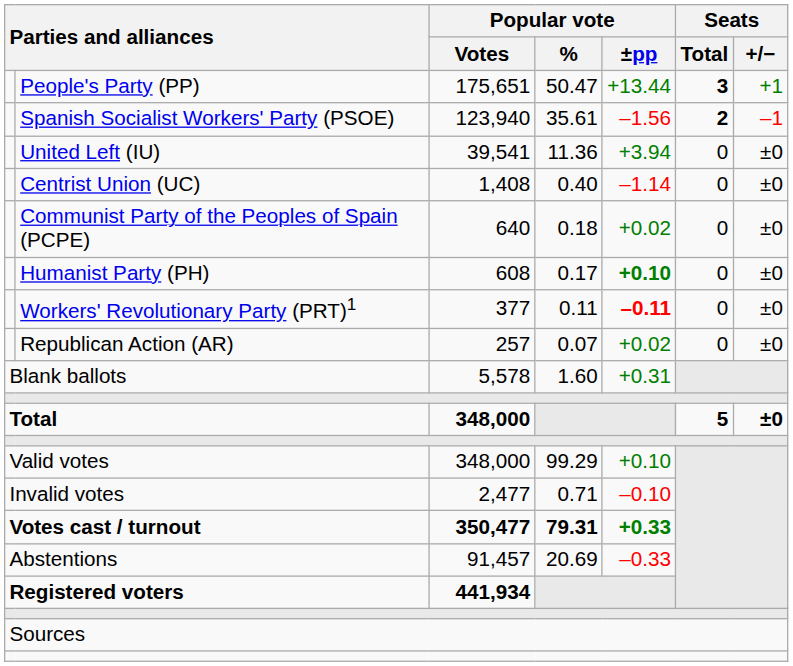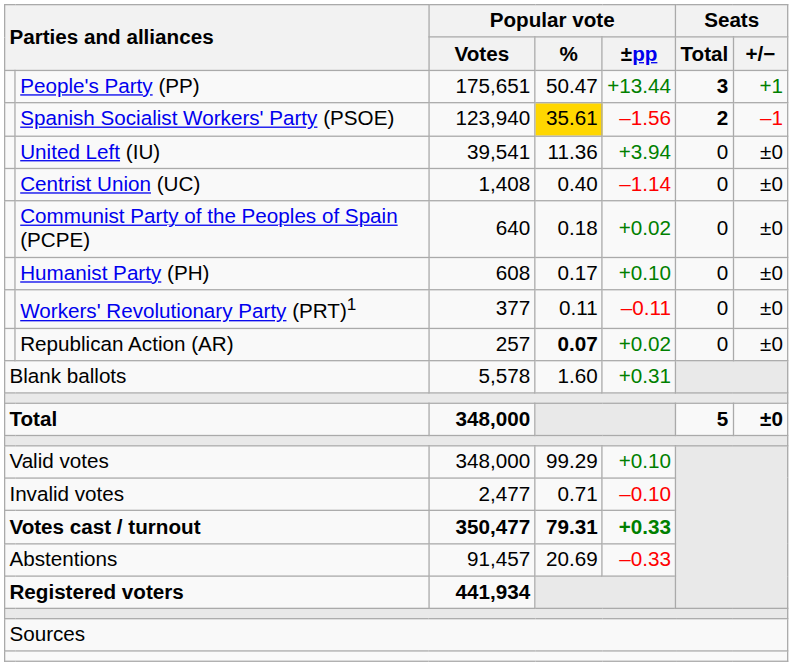 <table class="wikitable" style="text-align:right;">
 <tr>
 <th style="text-align:left;" rowspan="2" colspan="2" width="525">Parties and alliances</th>
 <th colspan="3">Popular vote</th>
 <th colspan="2">Seats</th>
 </tr>
 <tr>
 <th width="75">Votes</th>
 <th width="45">%</th>
 <th width="45">±<a href='#'>pp</a></th>
 <th width="35">Total</th>
 <th width="35">+/−</th>
 </tr>
 <tr>
 <td width="1" style="color:inherit;background:"></td>
 <td align="left"><a href='#'>People's Party</a> (PP)</td>
 <td>175,651</td>
 <td>50.47</td>
 <td style="color:green;">+13.44</td>
 <td><strong>3</strong></td>
 <td style="color:green;">+1</td>
 </tr>
 <tr>
 <td style="color:inherit;background:"></td>
 <td align="left"><a href='#'>Spanish Socialist Workers' Party</a> (PSOE)</td>
 <td>123,940</td>
-<td>35.61</td>
+<td style="background: gold;">35.61</td>
 <td style="color:red;">–1.56</td>
 <td><strong>2</strong></td>
 <td style="color:red;">–1</td>
 </tr>
 <tr>
 <td style="color:inherit;background:"></td>
 <td align="left"><a href='#'>United Left</a> (IU)</td>
 <td>39,541</td>
 <td>11.36</td>
 <td style="color:green;">+3.94</td>
 <td>0</td>
 <td>±0</td>
 </tr>
 <tr>
 <td style="color:inherit;background:"></td>
 <td align="left"><a href='#'>Centrist Union</a> (UC)</td>
 <td>1,408</td>
 <td>0.40</td>
 <td style="color:red;">–1.14</td>
 <td>0</td>
 <td>±0</td>
 </tr>
 <tr>
 <td style="color:inherit;background:"></td>
 <td align="left"><a href='#'>Communist Party of the Peoples of Spain</a> (PCPE)</td>
 <td>640</td>
 <td>0.18</td>
 <td style="color:green;">+0.02</td>
 <td>0</td>
 <td>±0</td>
 </tr>
 <tr>
 <td style="color:inherit;background:"></td>
 <td align="left"><a href='#'>Humanist Party</a> (PH)</td>
 <td>608</td>
 <td>0.17</td>
-<td style="color:green;"><strong>+0.10</strong></td>
+<td style="color:green;">+0.10</td>
 <td>0</td>
 <td>±0</td>
 </tr>
 <tr>
 <td style="color:inherit;background:"></td>
 <td align="left"><a href='#'>Workers' Revolutionary Party</a> (PRT)<sup>1</sup></td>
 <td>377</td>
 <td>0.11</td>
-<td style="color:red;"><strong>–0.11</strong></td>
+<td style="color:red;">–0.11</td>
 <td>0</td>
 <td>±0</td>
 </tr>
 <tr>
 <td style="color:inherit;background:"></td>
 <td align="left">Republican Action (AR)</td>
 <td>257</td>
-<td>0.07</td>
+<td><strong>0.07</strong></td>
 <td style="color:green;">+0.02</td>
 <td>0</td>
 <td>±0</td>
 </tr>
 <tr>
 <td align="left" colspan="2">Blank ballots</td>
 <td>5,578</td>
 <td>1.60</td>
 <td style="color:green;">+0.31</td>
 <td bgcolor="#E9E9E9" colspan="2"></td>
 </tr>
 <tr>
 <td colspan="7" bgcolor="#E9E9E9"></td>
 </tr>
 <tr style="font-weight:bold;">
 <td align="left" colspan="2">Total</td>
 <td>348,000</td>
 <td bgcolor="#E9E9E9" colspan="2"></td>
 <td>5</td>
 <td>±0</td>
 </tr>
 <tr>
 <td colspan="7" bgcolor="#E9E9E9"></td>
 </tr>
 <tr>
 <td align="left" colspan="2">Valid votes</td>
 <td>348,000</td>
 <td>99.29</td>
 <td style="color:green;">+0.10</td>
 <td bgcolor="#E9E9E9" colspan="2" rowspan="5"></td>
 </tr>
 <tr>
 <td align="left" colspan="2">Invalid votes</td>
 <td>2,477</td>
 <td>0.71</td>
 <td style="color:red;">–0.10</td>
 </tr>
 <tr style="font-weight:bold;">
 <td align="left" colspan="2">Votes cast / turnout</td>
 <td>350,477</td>
 <td>79.31</td>
 <td style="color:green;">+0.33</td>
 </tr>
 <tr>
 <td align="left" colspan="2">Abstentions</td>
 <td>91,457</td>
 <td>20.69</td>
 <td style="color:red;">–0.33</td>
 </tr>
 <tr style="font-weight:bold;">
 <td align="left" colspan="2">Registered voters</td>
 <td>441,934</td>
 <td bgcolor="#E9E9E9" colspan="2"></td>
 </tr>
 <tr>
 <td colspan="7" bgcolor="#E9E9E9"></td>
 </tr>
 <tr>
 <td align="left" colspan="7">Sources</td>
 </tr>
 <tr>
 <td colspan="7" style="text-align:left; max-width:790px;"></td>
 </tr>
 </table>
